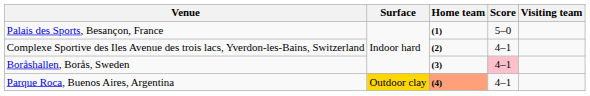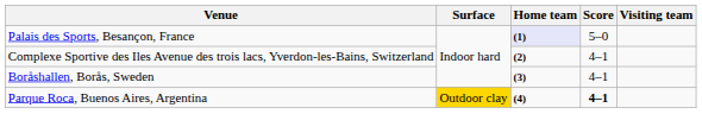 <table class=wikitable style="border:1px solid #AAAAAA;">
 <tr>
 <th>Venue</th>
 <th>Surface</th>
 <th>Home team</th>
 <th>Score</th>
 <th>Visiting team</th>
 </tr>
 <tr>
 <td><a href='#'>Palais des Sports</a>, Besançon, France</td>
 <td rowspan=3>Indoor hard</td>
-<td><strong> <small>(1)</small> </strong></td>
+<td style="background: lavender;"><strong> <small>(1)</small> </strong></td>
 <td align=center>5–0</td>
 <td></td>
 </tr>
 <tr>
 <td>Complexe Sportive des Iles Avenue des trois lacs, Yverdon-les-Bains, Switzerland</td>
 <td><strong> <small>(2)</small> </strong></td>
 <td align=center>4–1</td>
 <td></td>
 </tr>
 <tr>
 <td><a href='#'>Boråshallen</a>, Borås, Sweden</td>
 <td><strong> <small>(3)</small> </strong></td>
-<td align=center style="background: pink;">4–1</td>
+<td align=center>4–1</td>
 <td></td>
 </tr>
 <tr>
 <td><a href='#'>Parque Roca</a>, Buenos Aires, Argentina</td>
 <td style="background: gold;">Outdoor clay</td>
-<td style="background: lightsalmon;"><strong> <small>(4)</small> </strong></td>
-<td align=center>4–1</td>
+<td><strong> <small>(4)</small> </strong></td>
+<td align=center><strong>4–1</strong></td>
 <td></td>
 </tr>
 </table>
